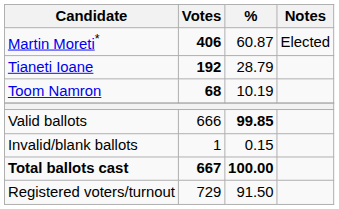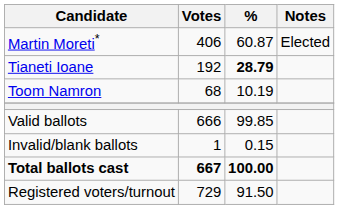 <table class=wikitable style=text-align:right>
 <tr>
 <th>Candidate</th>
 <th>Votes</th>
 <th>%</th>
 <th>Notes</th>
 </tr>
 <tr>
 <td align=left><a href='#'>Martin Moreti</a><sup>*</sup></td>
-<td><strong>406</strong></td>
+<td>406</td>
 <td>60.87</td>
 <td>Elected</td>
 </tr>
 <tr>
 <td align=left><a href='#'>Tianeti Ioane</a></td>
-<td><strong>192</strong></td>
-<td>28.79</td>
+<td>192</td>
+<td><strong>28.79</strong></td>
 <td></td>
 </tr>
 <tr>
 <td align=left><a href='#'>Toom Namron</a></td>
-<td><strong>68</strong></td>
+<td>68</td>
 <td>10.19</td>
 <td></td>
 </tr>
 <tr>
 </tr>
 <tr>
 <th colspan=6></th>
 </tr>
 <tr>
 <td align=left>Valid ballots</td>
 <td>666</td>
-<td><strong>99.85</strong></td>
+<td>99.85</td>
 <td></td>
 </tr>
 <tr>
 <td align=left>Invalid/blank ballots</td>
 <td>1</td>
 <td>0.15</td>
 <td></td>
 </tr>
 <tr style="font-weight:bold">
 <td align=left>Total ballots cast</td>
 <td>667</td>
 <td>100.00</td>
 <td></td>
 </tr>
 <tr>
 <td align=left>Registered voters/turnout</td>
 <td>729</td>
 <td>91.50</td>
 <td></td>
 </tr>
 </table>
